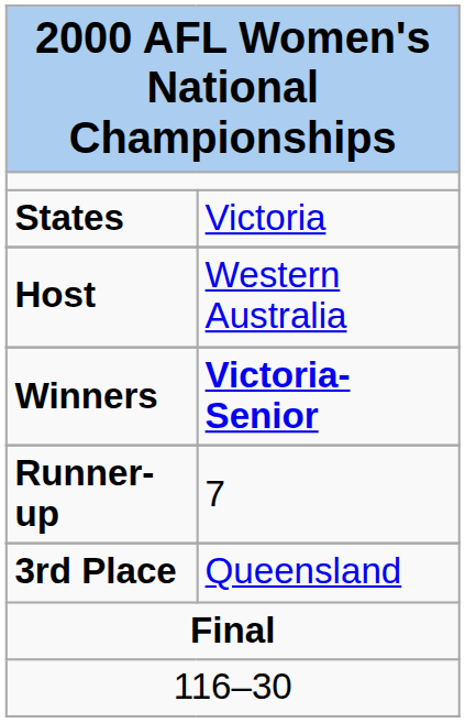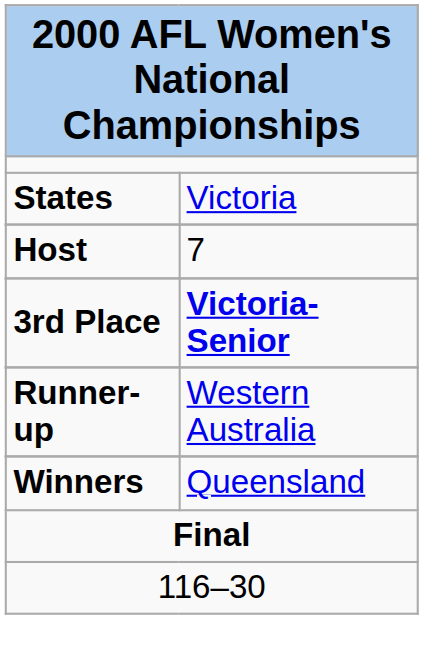 <table class="wikitable" align="right" width="200" style="margin-left:0.3em">
 <tr>
 <th style="background:#ABCDEF" align="center" colspan="2"><big>2000 AFL Women's National Championships</big></th>
 </tr>
 <tr>
 <td colspan="2" style="text-align: center;"></td>
 </tr>
 <tr>
 <td><strong>States</strong></td>
 <td><a href='#'>Victoria</a></td>
 </tr>
 <tr style="text-align:center;">
 </tr>
 <tr>
 <td><strong>Host</strong></td>
+<td>7</td>
+</tr>
+<tr style="text-align:center;">
+</tr>
+<tr>
+<td><strong>3rd Place</strong></td>
+<td><strong><a href='#'>Victoria-Senior</a></strong></td>
+</tr>
+<tr style="text-align:center;">
+</tr>
+<tr>
+<td><strong>Runner-up</strong></td>
 <td><a href='#'>Western Australia</a></td>
 </tr>
 <tr style="text-align:center;">
 </tr>
 <tr>
 <td><strong>Winners</strong></td>
-<td><strong><a href='#'>Victoria-Senior</a></strong></td>
-</tr>
-<tr style="text-align:center;">
-</tr>
-<tr>
-<td><strong>Runner-up</strong></td>
-<td>7</td>
-</tr>
-<tr style="text-align:center;">
-</tr>
-<tr>
-<td><strong>3rd Place</strong></td>
 <td><a href='#'>Queensland</a></td>
 </tr>
 <tr style="text-align:center;">
 <td colspan="2"><strong>Final</strong></td>
 </tr>
 <tr style="text-align:center;">
 <td colspan="2">116–30</td>
 </tr>
 </table>
